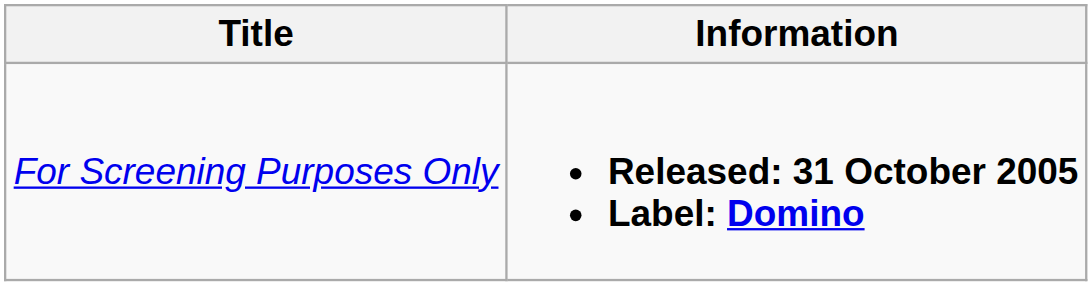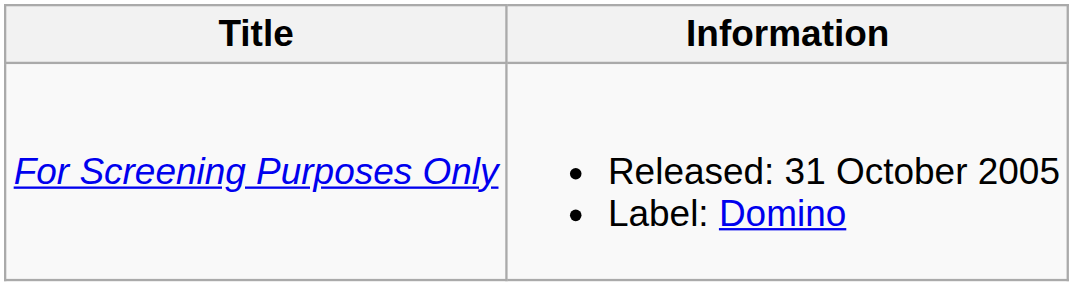 <table class="wikitable">
 <tr>
 <th>Title</th>
 <th>Information</th>
 </tr>
 <tr>
 <td><em><a href='#'>For Screening Purposes Only</a></em></td>
-<td><strong><br><ul><li>Released: 31 October 2005</li><li>Label: <a href='#'>Domino</a></li></ul></strong></td>
+<td><br><ul><li>Released: 31 October 2005</li><li>Label: <a href='#'>Domino</a></li></ul></td>
 </tr>
 </table>
